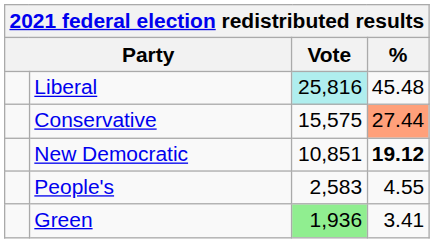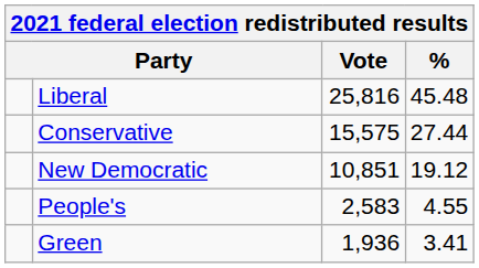 <table class="wikitable">
 <tr>
 <th colspan="4"><a href='#'>2021 federal election</a> redistributed results</th>
 </tr>
 <tr>
 <th bgcolor="#DDDDFF" width="130px" colspan="2">Party</th>
 <th bgcolor="#DDDDFF" width="50px">Vote</th>
 <th bgcolor="#DDDDFF" width="30px">%</th>
 </tr>
 <tr>
 <td> </td>
 <td><a href='#'>Liberal</a></td>
-<td align=right style="background: paleturquoise;">25,816</td>
+<td align=right>25,816</td>
 <td align=right>45.48</td>
 </tr>
 <tr>
 <td> </td>
 <td><a href='#'>Conservative</a></td>
 <td align=right>15,575</td>
-<td align=right style="background: lightsalmon;">27.44</td>
+<td align=right>27.44</td>
 </tr>
 <tr>
 <td> </td>
 <td><a href='#'>New Democratic</a></td>
 <td align=right>10,851</td>
-<td align=right><strong>19.12</strong></td>
+<td align=right>19.12</td>
 </tr>
 <tr>
 <td> </td>
 <td><a href='#'>People's</a></td>
 <td align=right>2,583</td>
 <td align=right>4.55</td>
 </tr>
 <tr>
 <td> </td>
 <td><a href='#'>Green</a></td>
-<td align=right style="background: lightgreen;">1,936</td>
+<td align=right>1,936</td>
 <td align=right>3.41</td>
 </tr>
 </table>
